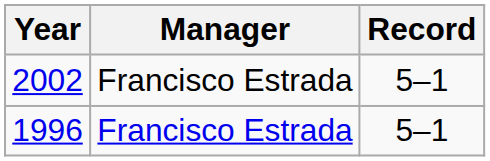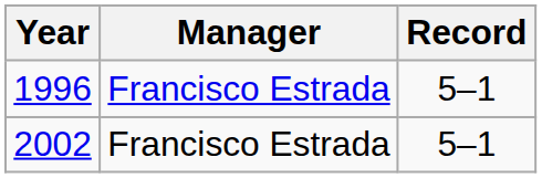 <table class="wikitable">
 <tr>
 <th>Year</th>
 <th>Manager</th>
 <th>Record</th>
 </tr>
 <tr style="text-align:center;">
+<td> <a href='#'>1996</a></td>
+<td><a href='#'>Francisco Estrada</a></td>
+<td>5–1</td>
+</tr>
+<tr style="text-align:center;">
 <td> <a href='#'>2002</a></td>
 <td>Francisco Estrada</td>
 <td>5–1</td>
 </tr>
-<tr style="text-align:center;">
-<td> <a href='#'>1996</a></td>
-<td><a href='#'>Francisco Estrada</a></td>
-<td>5–1</td>
-</tr>
 </table>
